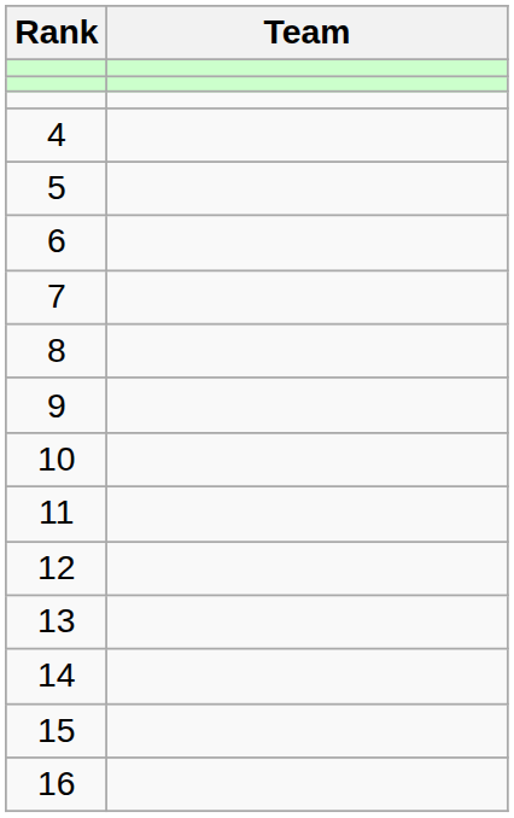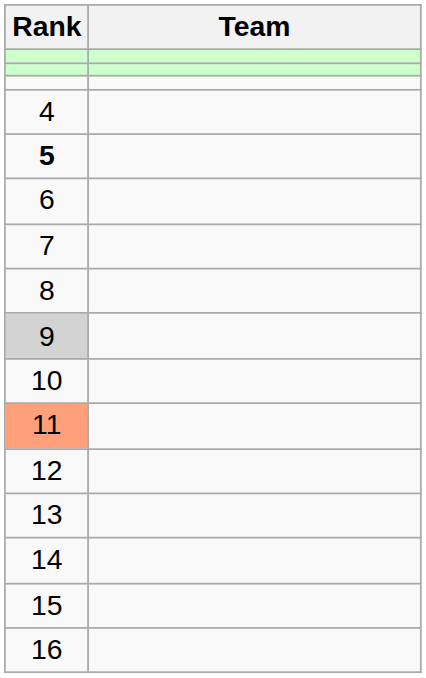 <table class="wikitable" style="text-align:center;">
 <tr>
 <th width=40>Rank</th>
 <th width=180>Team</th>
 </tr>
 <tr bgcolor=#ccffcc>
 <td></td>
 <td style="text-align:left;"></td>
 </tr>
 <tr bgcolor=#ccffcc>
 <td></td>
 <td style="text-align:left;"></td>
 </tr>
 <tr>
 <td></td>
 <td style="text-align:left;"></td>
 </tr>
 <tr>
 <td>4</td>
 <td style="text-align:left;"></td>
 </tr>
 <tr>
-<td>5</td>
+<td><strong>5</strong></td>
 <td style="text-align:left;"></td>
 </tr>
 <tr>
 <td>6</td>
 <td style="text-align:left;"></td>
 </tr>
 <tr>
 <td>7</td>
 <td style="text-align:left;"></td>
 </tr>
 <tr>
 <td>8</td>
 <td style="text-align:left;"></td>
 </tr>
 <tr>
-<td>9</td>
+<td style="background: lightgrey;">9</td>
 <td style="text-align:left;"></td>
 </tr>
 <tr>
 <td>10</td>
 <td style="text-align:left;"></td>
 </tr>
 <tr>
-<td>11</td>
+<td style="background: lightsalmon;">11</td>
 <td style="text-align:left;"></td>
 </tr>
 <tr>
 <td>12</td>
 <td style="text-align:left;"></td>
 </tr>
 <tr>
 <td>13</td>
 <td style="text-align:left;"></td>
 </tr>
 <tr>
 <td>14</td>
 <td style="text-align:left;"></td>
 </tr>
 <tr>
 <td>15</td>
 <td style="text-align:left;"></td>
 </tr>
 <tr>
 <td>16</td>
 <td style="text-align:left;"></td>
 </tr>
 </table>
